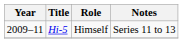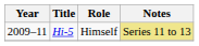 <table class="wikitable sortable">
 <tr>
 <th scope="col">Year</th>
 <th scope="col">Title</th>
 <th scope="col">Role</th>
 <th scope="col" class="unsortable">Notes</th>
 </tr>
 <tr>
 <td>2009–11</td>
 <td><em><a href='#'>Hi-5</a></em></td>
 <td>Himself</td>
-<td>Series 11 to 13</td>
+<td style="background: khaki;">Series 11 to 13</td>
 </tr>
 <tr>
 </tr>
 </table>
